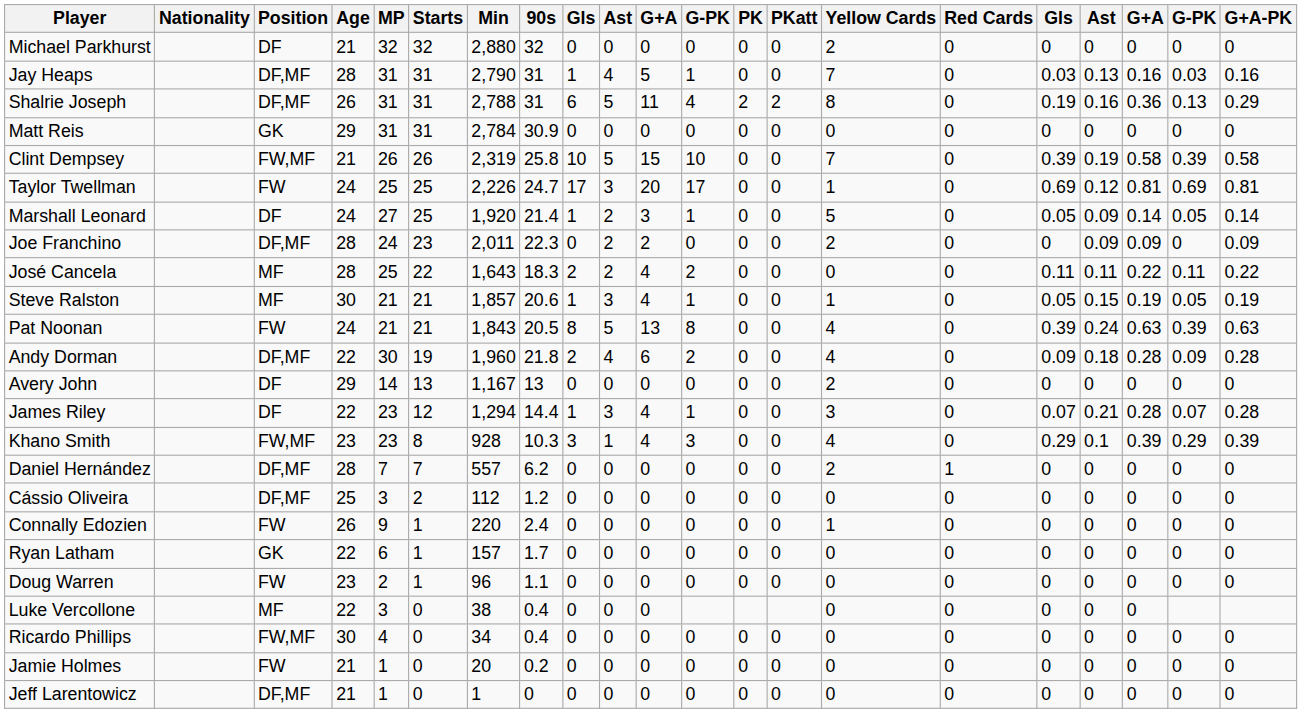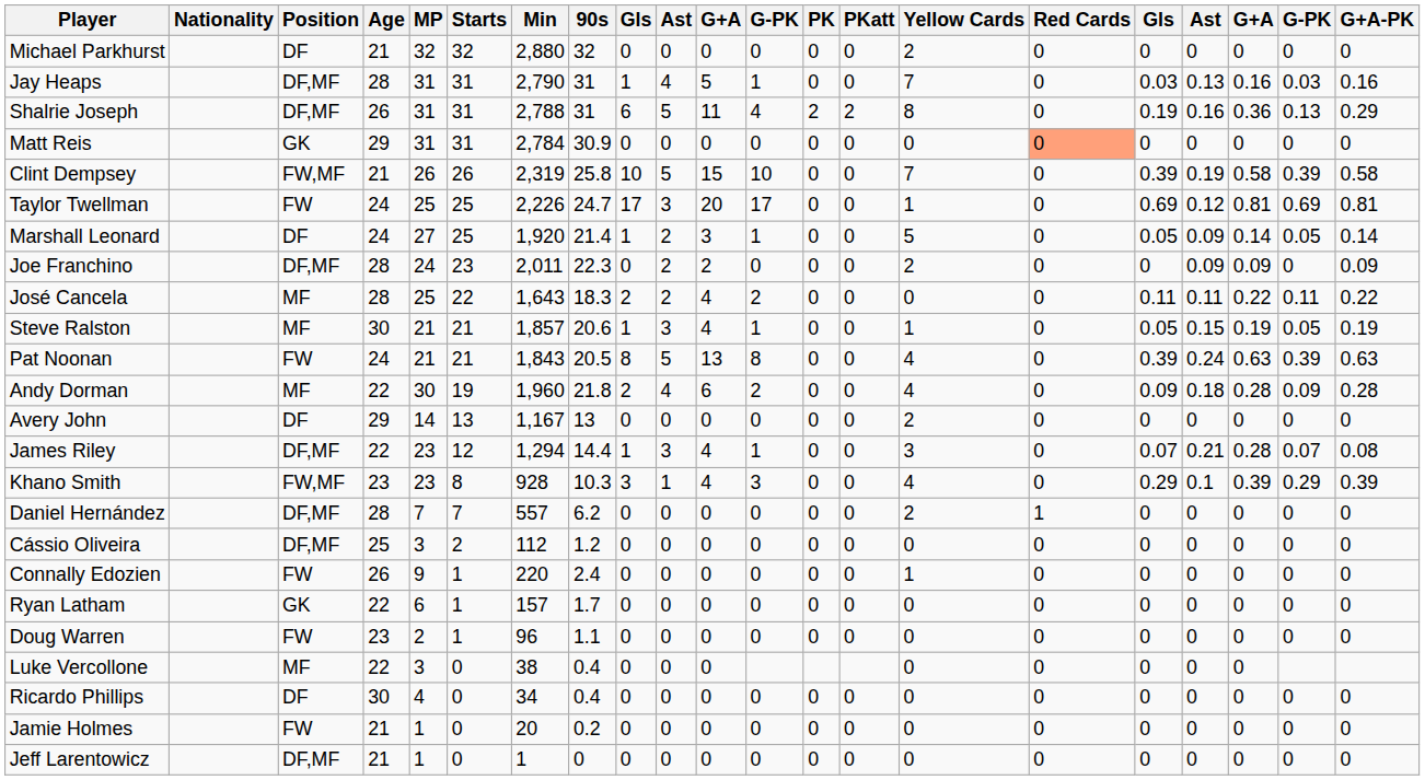 <table class="wikitable sortable">
 <tr>
 <th>Player</th>
 <th>Nationality</th>
 <th>Position</th>
 <th>Age</th>
 <th>MP</th>
 <th>Starts</th>
 <th>Min</th>
 <th>90s</th>
 <th>Gls</th>
 <th>Ast</th>
 <th>G+A</th>
 <th>G-PK</th>
 <th>PK</th>
 <th>PKatt</th>
 <th>Yellow Cards</th>
 <th>Red Cards</th>
 <th>Gls</th>
 <th>Ast</th>
 <th>G+A</th>
 <th>G-PK</th>
 <th>G+A-PK</th>
 </tr>
 <tr>
 <td>Michael Parkhurst</td>
 <td></td>
 <td>DF</td>
 <td>21</td>
 <td>32</td>
 <td>32</td>
 <td>2,880</td>
 <td>32</td>
 <td>0</td>
 <td>0</td>
 <td>0</td>
 <td>0</td>
 <td>0</td>
 <td>0</td>
 <td>2</td>
 <td>0</td>
 <td>0</td>
 <td>0</td>
 <td>0</td>
 <td>0</td>
 <td>0</td>
 </tr>
 <tr>
 <td>Jay Heaps</td>
 <td></td>
 <td>DF,MF</td>
 <td>28</td>
 <td>31</td>
 <td>31</td>
 <td>2,790</td>
 <td>31</td>
 <td>1</td>
 <td>4</td>
 <td>5</td>
 <td>1</td>
 <td>0</td>
 <td>0</td>
 <td>7</td>
 <td>0</td>
 <td>0.03</td>
 <td>0.13</td>
 <td>0.16</td>
 <td>0.03</td>
 <td>0.16</td>
 </tr>
 <tr>
 <td>Shalrie Joseph</td>
 <td></td>
 <td>DF,MF</td>
 <td>26</td>
 <td>31</td>
 <td>31</td>
 <td>2,788</td>
 <td>31</td>
 <td>6</td>
 <td>5</td>
 <td>11</td>
 <td>4</td>
 <td>2</td>
 <td>2</td>
 <td>8</td>
 <td>0</td>
 <td>0.19</td>
 <td>0.16</td>
 <td>0.36</td>
 <td>0.13</td>
 <td>0.29</td>
 </tr>
 <tr>
 <td>Matt Reis</td>
 <td></td>
 <td>GK</td>
 <td>29</td>
 <td>31</td>
 <td>31</td>
 <td>2,784</td>
 <td>30.9</td>
 <td>0</td>
 <td>0</td>
 <td>0</td>
 <td>0</td>
 <td>0</td>
 <td>0</td>
 <td>0</td>
-<td>0</td>
+<td style="background: lightsalmon;">0</td>
 <td>0</td>
 <td>0</td>
 <td>0</td>
 <td>0</td>
 <td>0</td>
 </tr>
 <tr>
 <td>Clint Dempsey</td>
 <td></td>
 <td>FW,MF</td>
 <td>21</td>
 <td>26</td>
 <td>26</td>
 <td>2,319</td>
 <td>25.8</td>
 <td>10</td>
 <td>5</td>
 <td>15</td>
 <td>10</td>
 <td>0</td>
 <td>0</td>
 <td>7</td>
 <td>0</td>
 <td>0.39</td>
 <td>0.19</td>
 <td>0.58</td>
 <td>0.39</td>
 <td>0.58</td>
 </tr>
 <tr>
 <td>Taylor Twellman</td>
 <td></td>
 <td>FW</td>
 <td>24</td>
 <td>25</td>
 <td>25</td>
 <td>2,226</td>
 <td>24.7</td>
 <td>17</td>
 <td>3</td>
 <td>20</td>
 <td>17</td>
 <td>0</td>
 <td>0</td>
 <td>1</td>
 <td>0</td>
 <td>0.69</td>
 <td>0.12</td>
 <td>0.81</td>
 <td>0.69</td>
 <td>0.81</td>
 </tr>
 <tr>
 <td>Marshall Leonard</td>
 <td></td>
 <td>DF</td>
 <td>24</td>
 <td>27</td>
 <td>25</td>
 <td>1,920</td>
 <td>21.4</td>
 <td>1</td>
 <td>2</td>
 <td>3</td>
 <td>1</td>
 <td>0</td>
 <td>0</td>
 <td>5</td>
 <td>0</td>
 <td>0.05</td>
 <td>0.09</td>
 <td>0.14</td>
 <td>0.05</td>
 <td>0.14</td>
 </tr>
 <tr>
 <td>Joe Franchino</td>
 <td></td>
 <td>DF,MF</td>
 <td>28</td>
 <td>24</td>
 <td>23</td>
 <td>2,011</td>
 <td>22.3</td>
 <td>0</td>
 <td>2</td>
 <td>2</td>
 <td>0</td>
 <td>0</td>
 <td>0</td>
 <td>2</td>
 <td>0</td>
 <td>0</td>
 <td>0.09</td>
 <td>0.09</td>
 <td>0</td>
 <td>0.09</td>
 </tr>
 <tr>
 <td>José Cancela</td>
 <td></td>
 <td>MF</td>
 <td>28</td>
 <td>25</td>
 <td>22</td>
 <td>1,643</td>
 <td>18.3</td>
 <td>2</td>
 <td>2</td>
 <td>4</td>
 <td>2</td>
 <td>0</td>
 <td>0</td>
 <td>0</td>
 <td>0</td>
 <td>0.11</td>
 <td>0.11</td>
 <td>0.22</td>
 <td>0.11</td>
 <td>0.22</td>
 </tr>
 <tr>
 <td>Steve Ralston</td>
 <td></td>
 <td>MF</td>
 <td>30</td>
 <td>21</td>
 <td>21</td>
 <td>1,857</td>
 <td>20.6</td>
 <td>1</td>
 <td>3</td>
 <td>4</td>
 <td>1</td>
 <td>0</td>
 <td>0</td>
 <td>1</td>
 <td>0</td>
 <td>0.05</td>
 <td>0.15</td>
 <td>0.19</td>
 <td>0.05</td>
 <td>0.19</td>
 </tr>
 <tr>
 <td>Pat Noonan</td>
 <td></td>
 <td>FW</td>
 <td>24</td>
 <td>21</td>
 <td>21</td>
 <td>1,843</td>
 <td>20.5</td>
 <td>8</td>
 <td>5</td>
 <td>13</td>
 <td>8</td>
 <td>0</td>
 <td>0</td>
 <td>4</td>
 <td>0</td>
 <td>0.39</td>
 <td>0.24</td>
 <td>0.63</td>
 <td>0.39</td>
 <td>0.63</td>
 </tr>
 <tr>
 <td>Andy Dorman</td>
 <td></td>
-<td>DF,MF</td>
+<td>MF</td>
 <td>22</td>
 <td>30</td>
 <td>19</td>
 <td>1,960</td>
 <td>21.8</td>
 <td>2</td>
 <td>4</td>
 <td>6</td>
 <td>2</td>
 <td>0</td>
 <td>0</td>
 <td>4</td>
 <td>0</td>
 <td>0.09</td>
 <td>0.18</td>
 <td>0.28</td>
 <td>0.09</td>
 <td>0.28</td>
 </tr>
 <tr>
 <td>Avery John</td>
 <td></td>
 <td>DF</td>
 <td>29</td>
 <td>14</td>
 <td>13</td>
 <td>1,167</td>
 <td>13</td>
 <td>0</td>
 <td>0</td>
 <td>0</td>
 <td>0</td>
 <td>0</td>
 <td>0</td>
 <td>2</td>
 <td>0</td>
 <td>0</td>
 <td>0</td>
 <td>0</td>
 <td>0</td>
 <td>0</td>
 </tr>
 <tr>
 <td>James Riley</td>
 <td></td>
-<td>DF</td>
+<td>DF,MF</td>
 <td>22</td>
 <td>23</td>
 <td>12</td>
 <td>1,294</td>
 <td>14.4</td>
 <td>1</td>
 <td>3</td>
 <td>4</td>
 <td>1</td>
 <td>0</td>
 <td>0</td>
 <td>3</td>
 <td>0</td>
 <td>0.07</td>
 <td>0.21</td>
 <td>0.28</td>
 <td>0.07</td>
-<td>0.28</td>
+<td>0.08</td>
 </tr>
 <tr>
 <td>Khano Smith</td>
 <td></td>
 <td>FW,MF</td>
 <td>23</td>
 <td>23</td>
 <td>8</td>
 <td>928</td>
 <td>10.3</td>
 <td>3</td>
 <td>1</td>
 <td>4</td>
 <td>3</td>
 <td>0</td>
 <td>0</td>
 <td>4</td>
 <td>0</td>
 <td>0.29</td>
 <td>0.1</td>
 <td>0.39</td>
 <td>0.29</td>
 <td>0.39</td>
 </tr>
 <tr>
 <td>Daniel Hernández</td>
 <td></td>
 <td>DF,MF</td>
 <td>28</td>
 <td>7</td>
 <td>7</td>
 <td>557</td>
 <td>6.2</td>
 <td>0</td>
 <td>0</td>
 <td>0</td>
 <td>0</td>
 <td>0</td>
 <td>0</td>
 <td>2</td>
 <td>1</td>
 <td>0</td>
 <td>0</td>
 <td>0</td>
 <td>0</td>
 <td>0</td>
 </tr>
 <tr>
 <td>Cássio Oliveira</td>
 <td></td>
 <td>DF,MF</td>
 <td>25</td>
 <td>3</td>
 <td>2</td>
 <td>112</td>
 <td>1.2</td>
 <td>0</td>
 <td>0</td>
 <td>0</td>
 <td>0</td>
 <td>0</td>
 <td>0</td>
 <td>0</td>
 <td>0</td>
 <td>0</td>
 <td>0</td>
 <td>0</td>
 <td>0</td>
 <td>0</td>
 </tr>
 <tr>
 <td>Connally Edozien</td>
 <td></td>
 <td>FW</td>
 <td>26</td>
 <td>9</td>
 <td>1</td>
 <td>220</td>
 <td>2.4</td>
 <td>0</td>
 <td>0</td>
 <td>0</td>
 <td>0</td>
 <td>0</td>
 <td>0</td>
 <td>1</td>
 <td>0</td>
 <td>0</td>
 <td>0</td>
 <td>0</td>
 <td>0</td>
 <td>0</td>
 </tr>
 <tr>
 <td>Ryan Latham</td>
 <td></td>
 <td>GK</td>
 <td>22</td>
 <td>6</td>
 <td>1</td>
 <td>157</td>
 <td>1.7</td>
 <td>0</td>
 <td>0</td>
 <td>0</td>
 <td>0</td>
 <td>0</td>
 <td>0</td>
 <td>0</td>
 <td>0</td>
 <td>0</td>
 <td>0</td>
 <td>0</td>
 <td>0</td>
 <td>0</td>
 </tr>
 <tr>
 <td>Doug Warren</td>
 <td></td>
 <td>FW</td>
 <td>23</td>
 <td>2</td>
 <td>1</td>
 <td>96</td>
 <td>1.1</td>
 <td>0</td>
 <td>0</td>
 <td>0</td>
 <td>0</td>
 <td>0</td>
 <td>0</td>
 <td>0</td>
 <td>0</td>
 <td>0</td>
 <td>0</td>
 <td>0</td>
 <td>0</td>
 <td>0</td>
 </tr>
 <tr>
 <td>Luke Vercollone</td>
 <td></td>
 <td>MF</td>
 <td>22</td>
 <td>3</td>
 <td>0</td>
 <td>38</td>
 <td>0.4</td>
 <td>0</td>
 <td>0</td>
 <td>0</td>
 <td></td>
 <td></td>
 <td></td>
 <td>0</td>
 <td>0</td>
 <td>0</td>
 <td>0</td>
 <td>0</td>
 <td></td>
 <td></td>
 </tr>
 <tr>
 <td>Ricardo Phillips</td>
 <td></td>
-<td>FW,MF</td>
+<td>DF</td>
 <td>30</td>
 <td>4</td>
 <td>0</td>
 <td>34</td>
 <td>0.4</td>
 <td>0</td>
 <td>0</td>
 <td>0</td>
 <td>0</td>
 <td>0</td>
 <td>0</td>
 <td>0</td>
 <td>0</td>
 <td>0</td>
 <td>0</td>
 <td>0</td>
 <td>0</td>
 <td>0</td>
 </tr>
 <tr>
 <td>Jamie Holmes</td>
 <td></td>
 <td>FW</td>
 <td>21</td>
 <td>1</td>
 <td>0</td>
 <td>20</td>
 <td>0.2</td>
 <td>0</td>
 <td>0</td>
 <td>0</td>
 <td>0</td>
 <td>0</td>
 <td>0</td>
 <td>0</td>
 <td>0</td>
 <td>0</td>
 <td>0</td>
 <td>0</td>
 <td>0</td>
 <td>0</td>
 </tr>
 <tr>
 <td>Jeff Larentowicz</td>
 <td></td>
 <td>DF,MF</td>
 <td>21</td>
 <td>1</td>
 <td>0</td>
 <td>1</td>
 <td>0</td>
 <td>0</td>
 <td>0</td>
 <td>0</td>
 <td>0</td>
 <td>0</td>
 <td>0</td>
 <td>0</td>
 <td>0</td>
 <td>0</td>
 <td>0</td>
 <td>0</td>
 <td>0</td>
 <td>0</td>
 </tr>
 </table>
